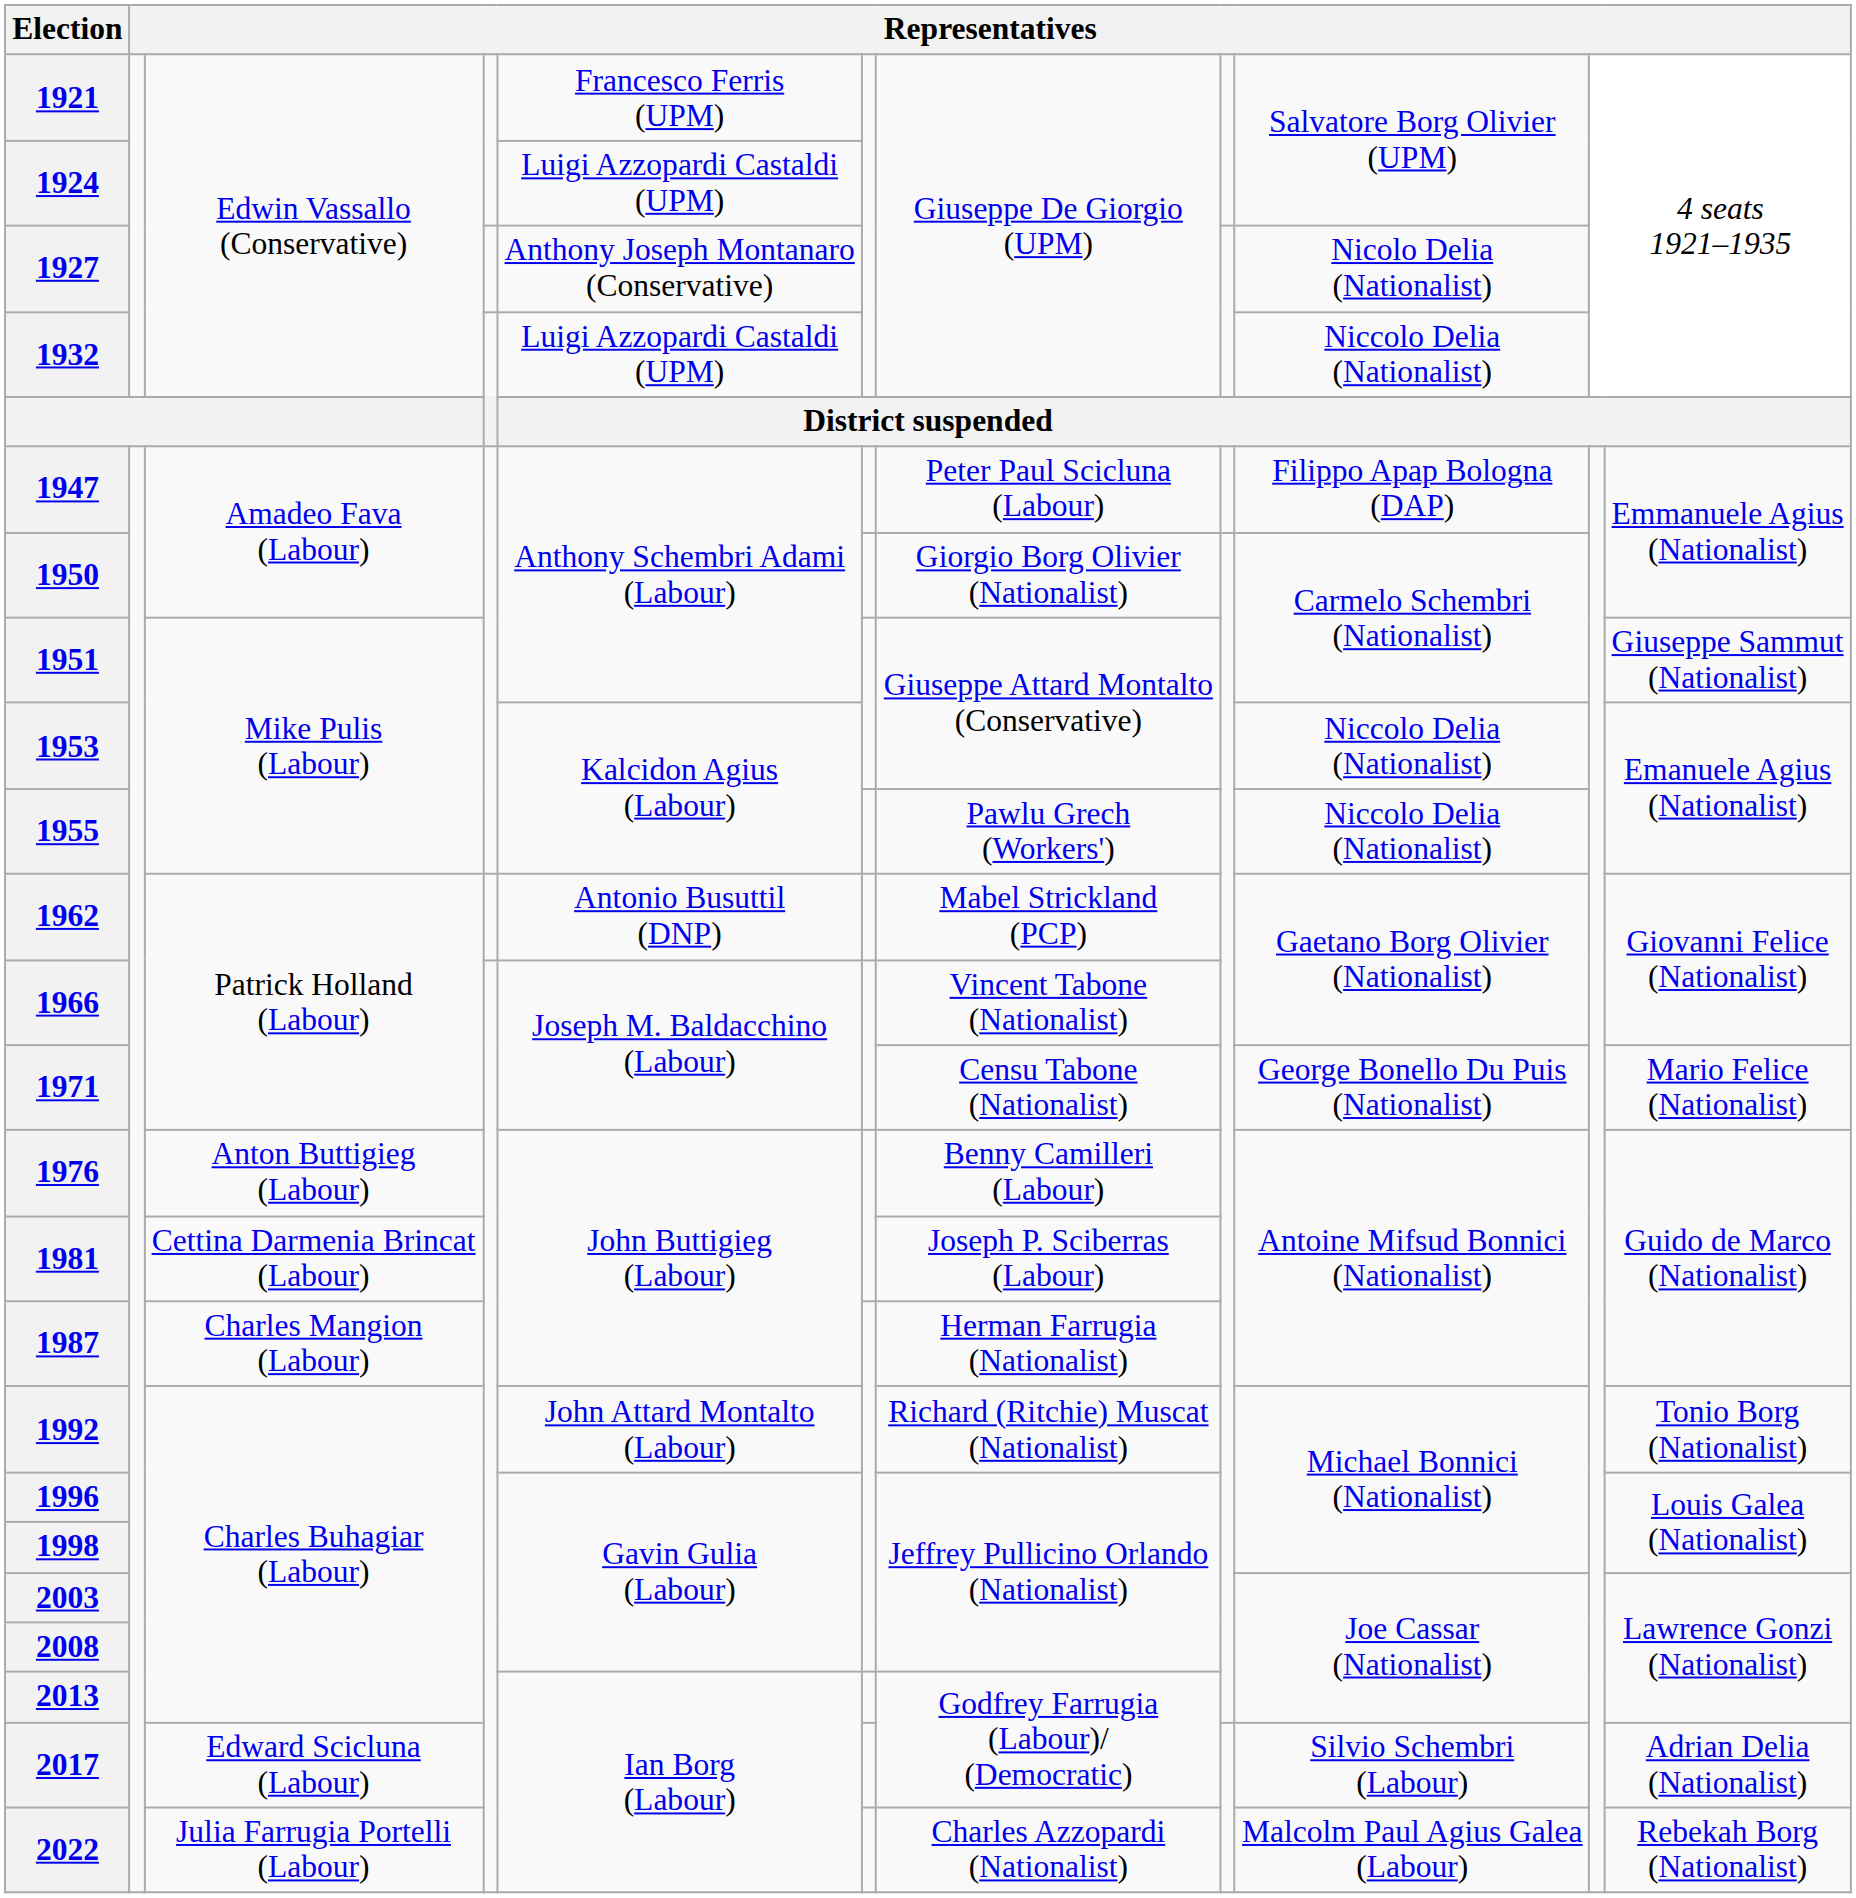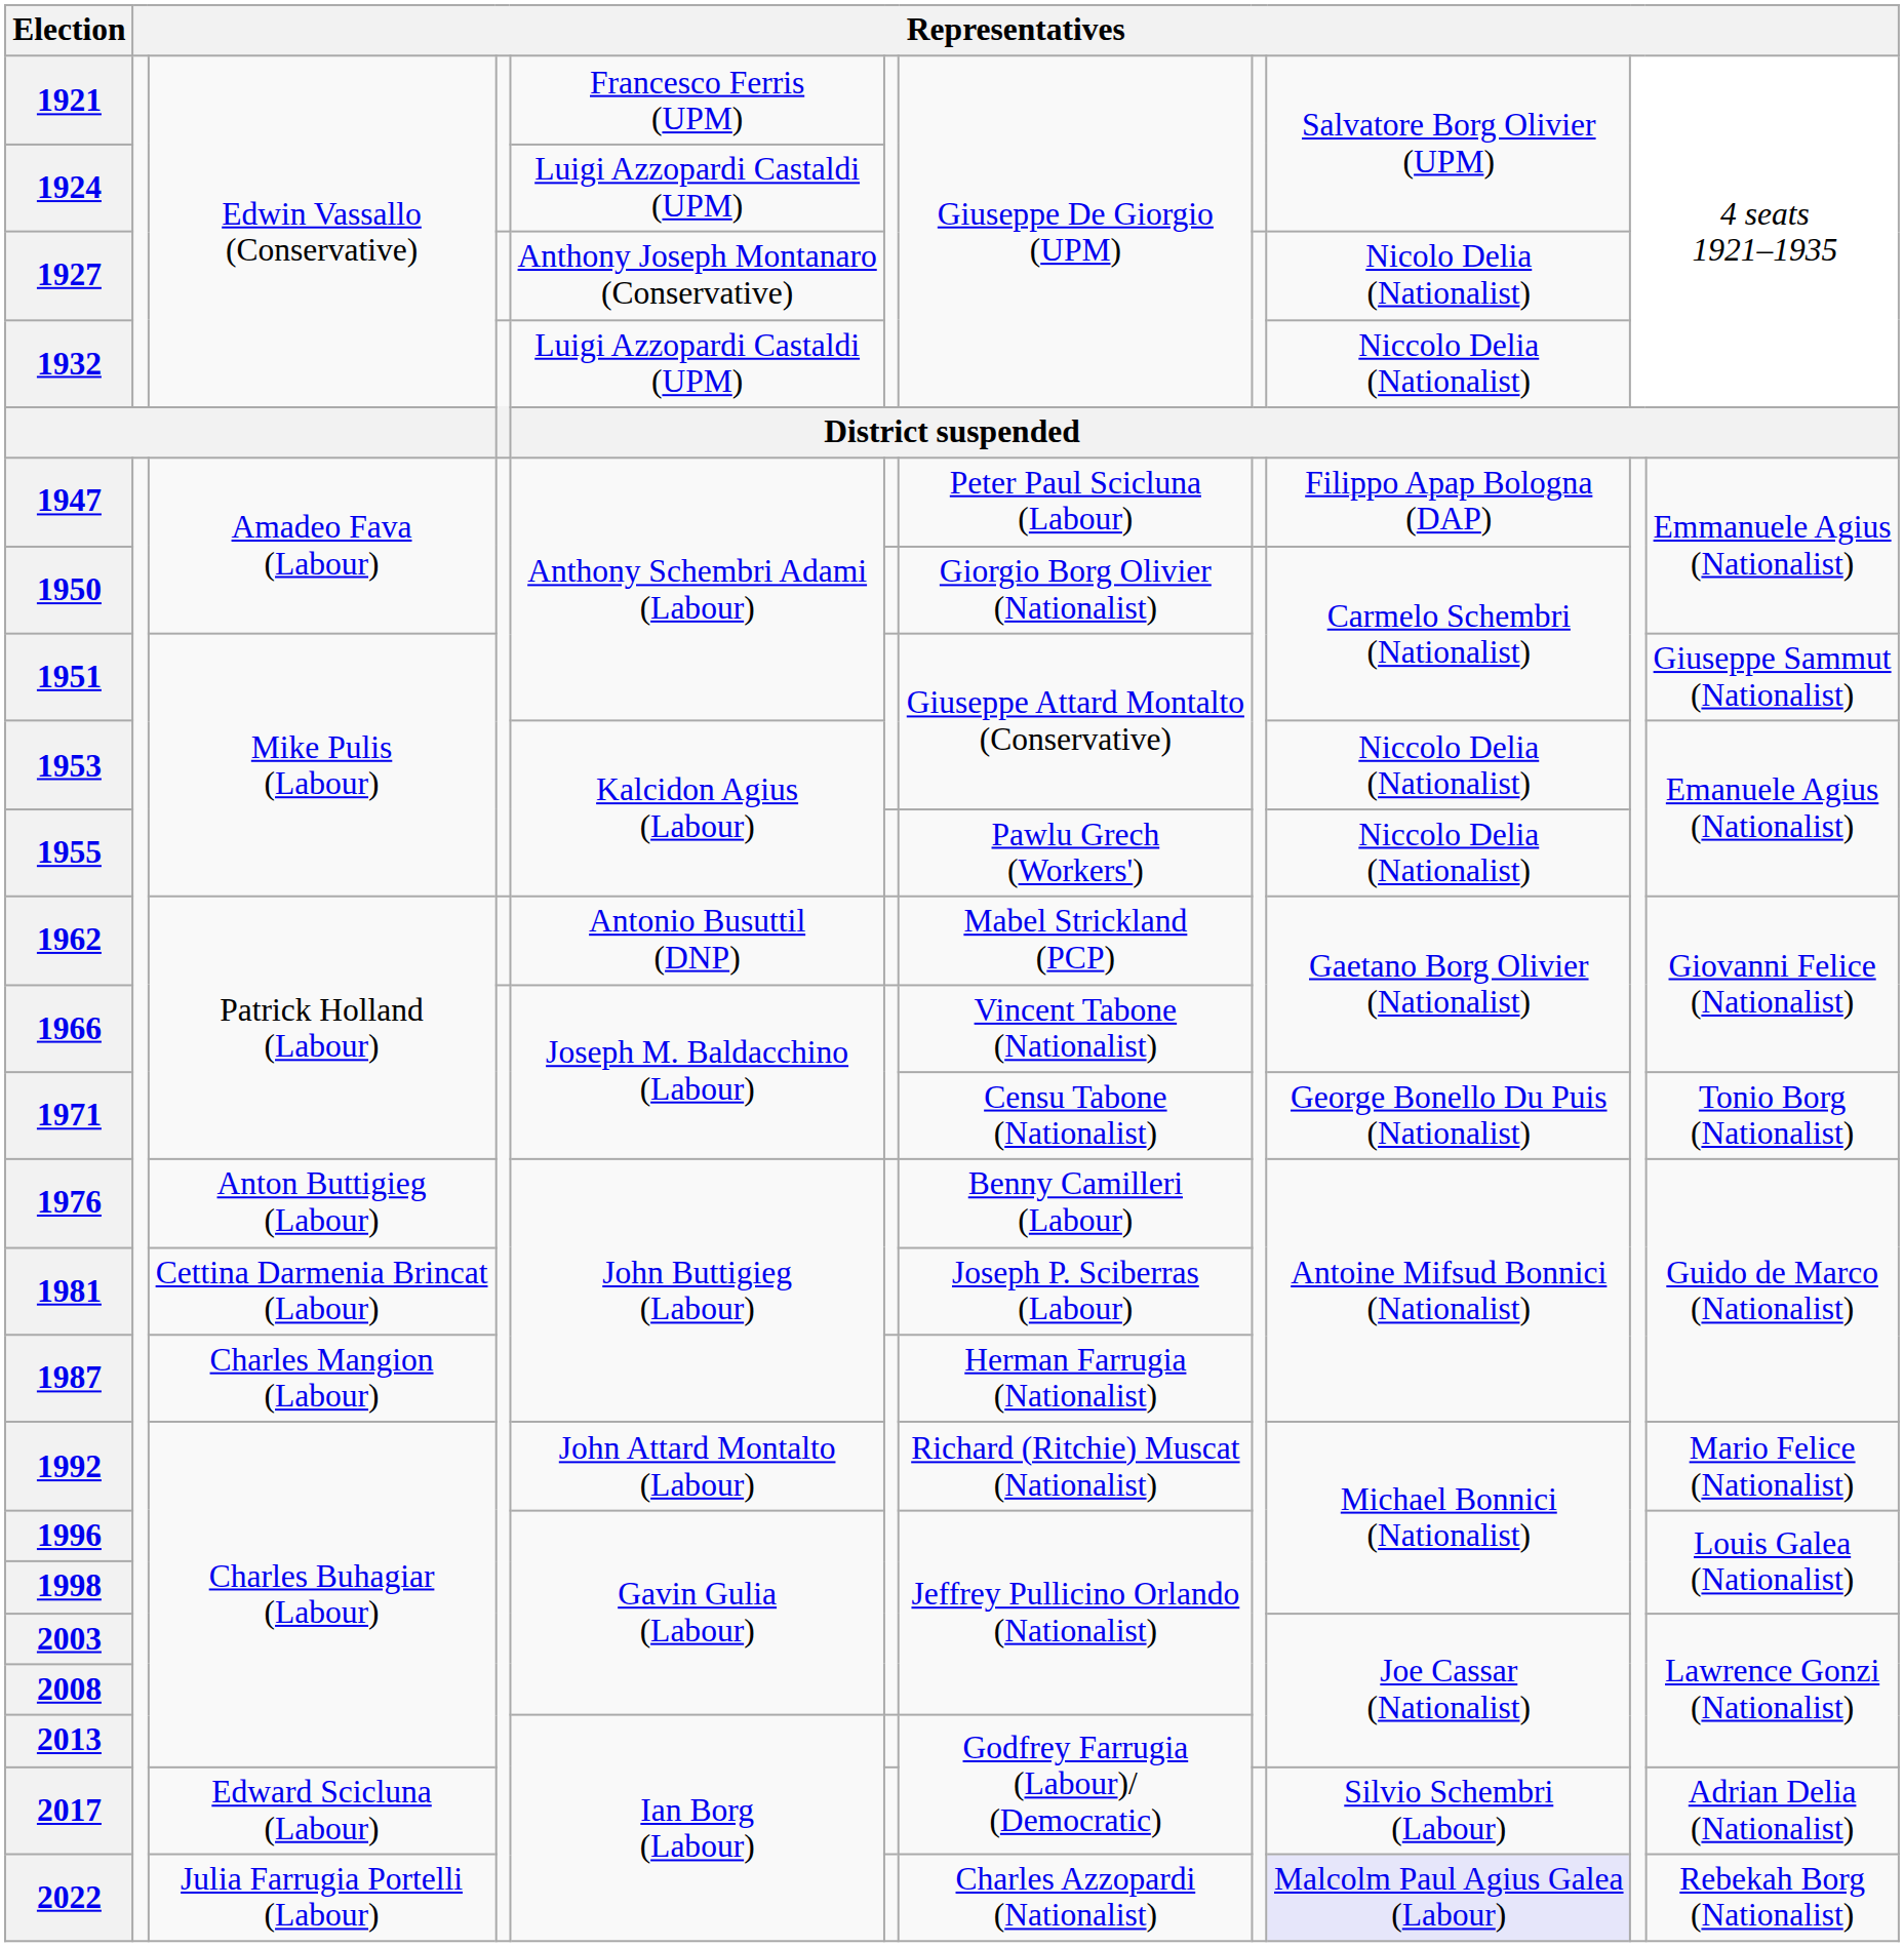 <table class="wikitable" style="text-align:center">
 <tr>
 <th>Election</th>
 <th colspan=10>Representatives</th>
 </tr>
 <tr>
 <th><a href='#'>1921</a></th>
 <td rowspan=4; style="background-color: "></td>
 <td rowspan=4><a href='#'>Edwin Vassallo</a><br>(Conservative)</td>
 <td rowspan=2; style="background-color: "></td>
 <td rowspan=1><a href='#'>Francesco Ferris</a><br>(<a href='#'>UPM</a>)</td>
 <td rowspan=4; style="background-color: "></td>
 <td rowspan=4><a href='#'>Giuseppe De Giorgio</a><br>(<a href='#'>UPM</a>)</td>
 <td rowspan=2; style="background-color: "></td>
 <td rowspan=2><a href='#'>Salvatore Borg Olivier</a><br>(<a href='#'>UPM</a>)</td>
 <td style="background-color:#FFFFFF" rowspan=4 colspan=2><em>4 seats<br>1921–1935</em></td>
 </tr>
 <tr>
 <th><a href='#'>1924</a></th>
 <td rowspan=1><a href='#'>Luigi Azzopardi Castaldi</a><br>(<a href='#'>UPM</a>)</td>
 </tr>
 <tr>
 <th><a href='#'>1927</a></th>
 <td rowspan=1; style="background-color: "></td>
 <td rowspan=1><a href='#'>Anthony Joseph Montanaro</a><br>(Conservative)</td>
 <td rowspan=2; style="background-color: "></td>
 <td rowspan=1><a href='#'>Nicolo Delia</a><br>(<a href='#'>Nationalist</a>)</td>
 </tr>
 <tr>
 <th><a href='#'>1932</a></th>
 <td rowspan=2; style="background-color: "></td>
 <td rowspan=1><a href='#'>Luigi Azzopardi Castaldi</a><br>(<a href='#'>UPM</a>)</td>
 <td rowspan=1><a href='#'>Niccolo Delia</a><br>(<a href='#'>Nationalist</a>)</td>
 </tr>
 <tr>
 <th colspan=11>District suspended</th>
 </tr>
 <tr>
 <th><a href='#'>1947</a></th>
 <td rowspan=19; style="background-color: "></td>
 <td rowspan=2><a href='#'>Amadeo Fava</a><br>(<a href='#'>Labour</a>)</td>
 <td rowspan=5; style="background-color: "></td>
 <td rowspan=3><a href='#'>Anthony Schembri Adami</a><br>(<a href='#'>Labour</a>)</td>
 <td rowspan=1; style="background-color: "></td>
 <td rowspan=1><a href='#'>Peter Paul Scicluna</a><br>(<a href='#'>Labour</a>)</td>
 <td rowspan=1; style="background-color: "></td>
 <td rowspan=1><a href='#'>Filippo Apap Bologna</a><br>(<a href='#'>DAP</a>)</td>
 <td rowspan=19; style="background-color: "></td>
 <td rowspan=2><a href='#'>Emmanuele Agius</a><br>(<a href='#'>Nationalist</a>)</td>
 </tr>
 <tr>
 <th><a href='#'>1950</a></th>
 <td rowspan=1; style="background-color: "></td>
 <td rowspan=1><a href='#'>Giorgio Borg Olivier</a><br>(<a href='#'>Nationalist</a>)</td>
 <td rowspan=16; style="background-color: "></td>
 <td rowspan=2><a href='#'>Carmelo Schembri</a><br>(<a href='#'>Nationalist</a>)</td>
 </tr>
 <tr>
 <th><a href='#'>1951</a></th>
 <td rowspan=3><a href='#'>Mike Pulis</a><br>(<a href='#'>Labour</a>)</td>
 <td rowspan=2; style="background-color: "></td>
 <td rowspan=2><a href='#'>Giuseppe Attard Montalto</a><br>(Conservative)</td>
 <td rowspan=1><a href='#'>Giuseppe Sammut</a><br>(<a href='#'>Nationalist</a>)</td>
 </tr>
 <tr>
 <th><a href='#'>1953</a></th>
 <td rowspan=2><a href='#'>Kalcidon Agius</a><br>(<a href='#'>Labour</a>)</td>
 <td rowspan=1><a href='#'>Niccolo Delia</a><br>(<a href='#'>Nationalist</a>)</td>
 <td rowspan=2><a href='#'>Emanuele Agius</a><br>(<a href='#'>Nationalist</a>)</td>
 </tr>
 <tr>
 <th><a href='#'>1955</a></th>
 <td rowspan=1; style="background-color: "></td>
 <td rowspan=1><a href='#'>Pawlu Grech</a><br>(<a href='#'>Workers'</a>)</td>
 <td rowspan=1><a href='#'>Niccolo Delia</a><br>(<a href='#'>Nationalist</a>)</td>
 </tr>
 <tr>
 <th><a href='#'>1962</a></th>
 <td rowspan=3>Patrick Holland<br>(<a href='#'>Labour</a>)</td>
 <td rowspan=1; style="background-color: "></td>
 <td rowspan=1><a href='#'>Antonio Busuttil</a><br>(<a href='#'>DNP</a>)</td>
 <td rowspan=1; style="background-color: "></td>
 <td rowspan=1><a href='#'>Mabel Strickland</a><br>(<a href='#'>PCP</a>)</td>
 <td rowspan=2><a href='#'>Gaetano Borg Olivier</a><br>(<a href='#'>Nationalist</a>)</td>
 <td rowspan=2><a href='#'>Giovanni Felice</a><br>(<a href='#'>Nationalist</a>)</td>
 </tr>
 <tr>
 <th><a href='#'>1966</a></th>
 <td rowspan=13; style="background-color: "></td>
 <td rowspan=2><a href='#'>Joseph M. Baldacchino</a><br>(<a href='#'>Labour</a>)</td>
 <td rowspan=2; style="background-color: "></td>
 <td rowspan=1><a href='#'>Vincent Tabone</a><br>(<a href='#'>Nationalist</a>)</td>
 </tr>
 <tr>
 <th><a href='#'>1971</a></th>
 <td rowspan=1><a href='#'>Censu Tabone</a><br>(<a href='#'>Nationalist</a>)</td>
 <td rowspan=1><a href='#'>George Bonello Du Puis</a><br>(<a href='#'>Nationalist</a>)</td>
-<td rowspan=1><a href='#'>Mario Felice</a><br>(<a href='#'>Nationalist</a>)</td>
+<td rowspan=1><a href='#'>Tonio Borg</a><br>(<a href='#'>Nationalist</a>)</td>
 </tr>
 <tr>
 <th><a href='#'>1976</a></th>
 <td rowspan=1><a href='#'>Anton Buttigieg</a><br>(<a href='#'>Labour</a>)</td>
 <td rowspan=3><a href='#'>John Buttigieg</a><br>(<a href='#'>Labour</a>)</td>
 <td rowspan=2; style="background-color: "></td>
 <td rowspan=1><a href='#'>Benny Camilleri</a><br>(<a href='#'>Labour</a>)</td>
 <td rowspan=3><a href='#'>Antoine Mifsud Bonnici</a><br>(<a href='#'>Nationalist</a>)</td>
 <td rowspan=3><a href='#'>Guido de Marco</a><br>(<a href='#'>Nationalist</a>)</td>
 </tr>
 <tr>
 <th><a href='#'>1981</a></th>
 <td rowspan=1><a href='#'>Cettina Darmenia Brincat</a><br>(<a href='#'>Labour</a>)</td>
 <td rowspan=1><a href='#'>Joseph P. Sciberras</a><br>(<a href='#'>Labour</a>)</td>
 </tr>
 <tr>
 <th><a href='#'>1987</a></th>
 <td rowspan=1><a href='#'>Charles Mangion</a><br>(<a href='#'>Labour</a>)</td>
 <td rowspan=6; style="background-color: "></td>
 <td rowspan=1><a href='#'>Herman Farrugia</a><br>(<a href='#'>Nationalist</a>)</td>
 </tr>
 <tr>
 <th><a href='#'>1992</a></th>
 <td rowspan=6><a href='#'>Charles Buhagiar</a><br>(<a href='#'>Labour</a>)</td>
 <td rowspan=1><a href='#'>John Attard Montalto</a><br>(<a href='#'>Labour</a>)</td>
 <td rowspan=1><a href='#'>Richard (Ritchie) Muscat</a><br>(<a href='#'>Nationalist</a>)</td>
 <td rowspan=3><a href='#'>Michael Bonnici</a><br>(<a href='#'>Nationalist</a>)</td>
-<td rowspan=1><a href='#'>Tonio Borg</a><br>(<a href='#'>Nationalist</a>)</td>
+<td rowspan=1><a href='#'>Mario Felice</a><br>(<a href='#'>Nationalist</a>)</td>
 </tr>
 <tr>
 <th><a href='#'>1996</a></th>
 <td rowspan=4><a href='#'>Gavin Gulia</a><br>(<a href='#'>Labour</a>)</td>
 <td rowspan=4><a href='#'>Jeffrey Pullicino Orlando</a><br>(<a href='#'>Nationalist</a>)</td>
 <td rowspan=2><a href='#'>Louis Galea</a><br>(<a href='#'>Nationalist</a>)</td>
 </tr>
 <tr>
 <th><a href='#'>1998</a></th>
 </tr>
 <tr>
 <th><a href='#'>2003</a></th>
 <td rowspan=3><a href='#'>Joe Cassar</a><br>(<a href='#'>Nationalist</a>)</td>
 <td rowspan=3><a href='#'>Lawrence Gonzi</a><br>(<a href='#'>Nationalist</a>)</td>
 </tr>
 <tr>
 <th><a href='#'>2008</a></th>
 </tr>
 <tr>
 <th><a href='#'>2013</a></th>
 <td rowspan=3><a href='#'>Ian Borg</a><br>(<a href='#'>Labour</a>)</td>
 <td rowspan=1; style="background-color: "></td>
 <td rowspan=2><a href='#'>Godfrey Farrugia</a><br>(<a href='#'>Labour</a>)/<br>(<a href='#'>Democratic</a>)</td>
 </tr>
 <tr>
 <th><a href='#'>2017</a></th>
 <td><a href='#'>Edward Scicluna</a><br>(<a href='#'>Labour</a>)</td>
 <td rowspan=1; style="background-color: "></td>
 <td rowspan=2; style="background-color: "></td>
 <td rowspan=1><a href='#'>Silvio Schembri</a><br>(<a href='#'>Labour</a>)</td>
 <td rowspan=1><a href='#'>Adrian Delia</a><br>(<a href='#'>Nationalist</a>)</td>
 </tr>
 <tr>
 <th><a href='#'>2022</a></th>
 <td rowspan=1><a href='#'>Julia Farrugia Portelli</a><br>(<a href='#'>Labour</a>)</td>
 <td rowspan=1; style="background-color: "></td>
 <td rowspan=1><a href='#'>Charles Azzopardi</a><br>(<a href='#'>Nationalist</a>)</td>
-<td rowspan=1><a href='#'>Malcolm Paul Agius Galea</a><br>(<a href='#'>Labour</a>)</td>
+<td rowspan=1 style="background: lavender;"><a href='#'>Malcolm Paul Agius Galea</a><br>(<a href='#'>Labour</a>)</td>
 <td rowspan=1><a href='#'>Rebekah Borg</a><br>(<a href='#'>Nationalist</a>)</td>
 </tr>
 </table>
